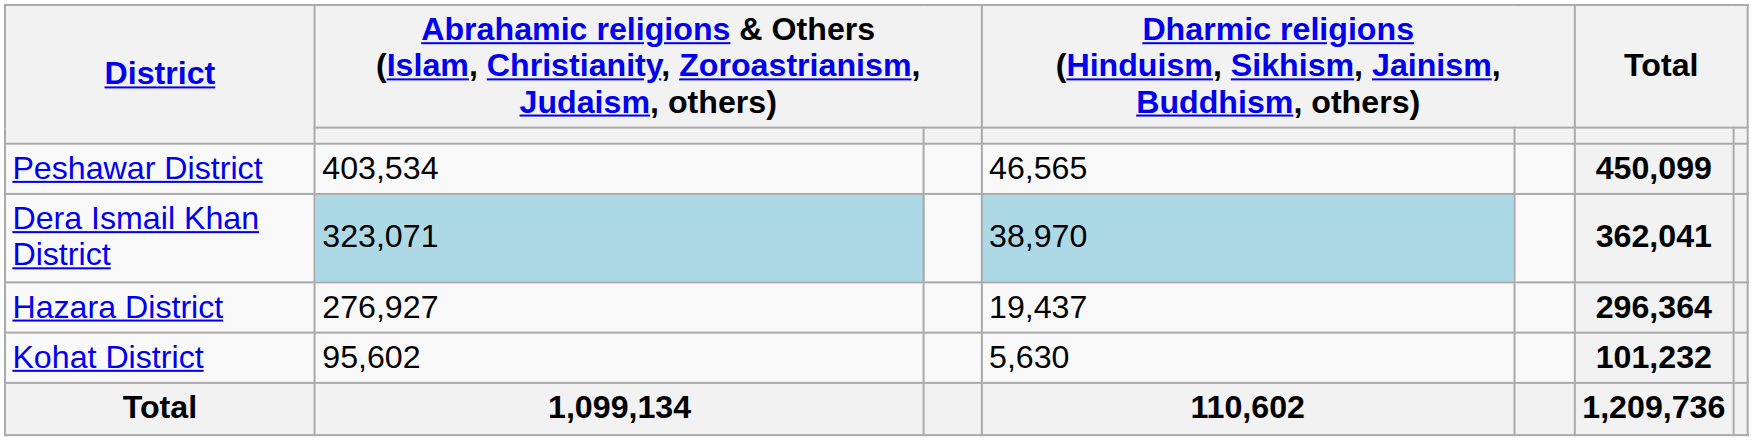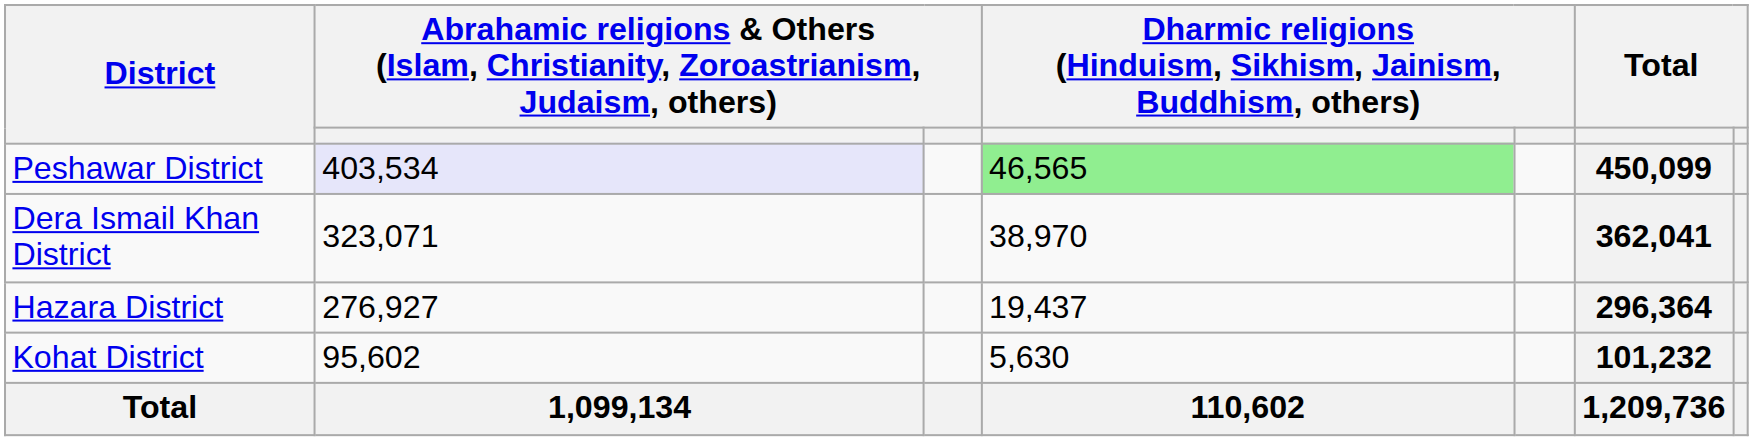 <table class="wikitable sortable">
 <tr>
 <th rowspan="2"><a href='#'>District</a></th>
 <th colspan="2"><a href='#'>Abrahamic religions</a> & Others<br>(<a href='#'>Islam</a>, <a href='#'>Christianity</a>, <a href='#'>Zoroastrianism</a>, <a href='#'>Judaism</a>, others)</th>
 <th colspan="2"><a href='#'>Dharmic religions</a><br>(<a href='#'>Hinduism</a>, <a href='#'>Sikhism</a>, <a href='#'>Jainism</a>, <a href='#'>Buddhism</a>, others)</th>
 <th colspan="2">Total</th>
 </tr>
 <tr>
 <th><a href='#'></a></th>
 <th></th>
 <th></th>
 <th></th>
 <th></th>
 <th></th>
 </tr>
 <tr>
 <td><a href='#'>Peshawar District</a></td>
-<td>403,534</td>
+<td style="background: lavender;">403,534</td>
 <td></td>
-<td>46,565</td>
+<td style="background: lightgreen;">46,565</td>
 <td></td>
 <th>450,099</th>
 <th></th>
 </tr>
 <tr>
 <td><a href='#'>Dera Ismail Khan District</a></td>
-<td style="background: lightblue;">323,071</td>
+<td>323,071</td>
 <td></td>
-<td style="background: lightblue;">38,970</td>
+<td>38,970</td>
 <td></td>
 <th>362,041</th>
 <th></th>
 </tr>
 <tr>
 <td><a href='#'>Hazara District</a></td>
 <td>276,927</td>
 <td></td>
 <td>19,437</td>
 <td></td>
 <th>296,364</th>
 <th></th>
 </tr>
 <tr>
 <td><a href='#'>Kohat District</a></td>
 <td>95,602</td>
 <td></td>
 <td>5,630</td>
 <td></td>
 <th>101,232</th>
 <th></th>
 </tr>
 <tr>
 <th>Total</th>
 <th>1,099,134</th>
 <th></th>
 <th>110,602</th>
 <th></th>
 <th>1,209,736</th>
 <th></th>
 </tr>
 </table>
